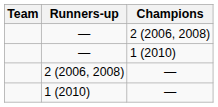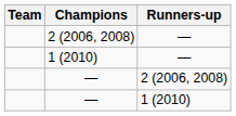 <table class="wikitable">
 <tr>
 <th>Team</th>
+<th>Champions</th>
 <th>Runners-up</th>
-<th>Champions</th>
+</tr>
+<tr>
+<td></td>
+<td>2 (2006, 2008)</td>
+<td align="center">—</td>
+</tr>
+<tr>
+<td></td>
+<td>1 (2010)</td>
+<td align="center">—</td>
 </tr>
 <tr>
 <td></td>
 <td align="center">—</td>
 <td>2 (2006, 2008)</td>
 </tr>
 <tr>
 <td></td>
 <td align="center">—</td>
 <td>1 (2010)</td>
 </tr>
-<tr>
-<td></td>
-<td>2 (2006, 2008)</td>
-<td align="center">—</td>
-</tr>
-<tr>
-<td></td>
-<td>1 (2010)</td>
-<td align="center">—</td>
-</tr>
 </table>
